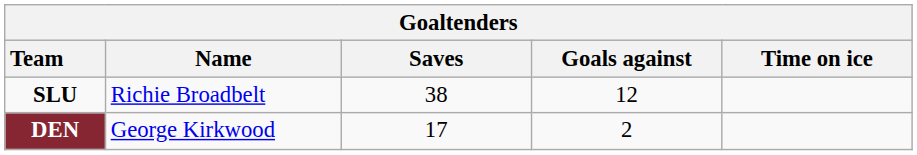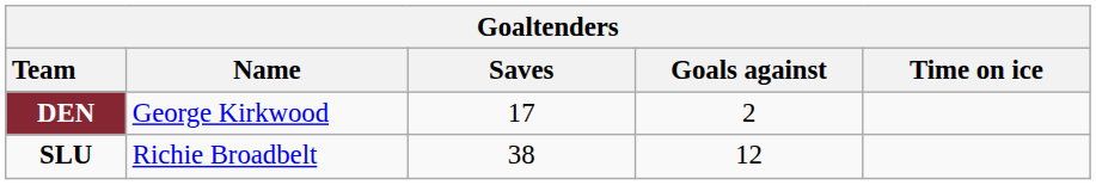 <table class="wikitable" style="width:40em; text-align:right;">
 <tr>
 <th colspan=5>Goaltenders</th>
 </tr>
 <tr>
 <th style="width:4em; text-align:left;">Team</th>
 <th style="width:10em;">Name</th>
 <th style="width:8em;">Saves</th>
 <th style="width:8em;">Goals against</th>
 <th style="width:8em;">Time on ice</th>
 </tr>
 <tr>
+<td align=center style="color:white; background:#862633; "><strong>DEN</strong></td>
+<td style="text-align:left;"><a href='#'>George Kirkwood</a></td>
+<td align=center>17</td>
+<td align=center>2</td>
+<td align=center></td>
+</tr>
+<tr>
 <td align=center><strong>SLU</strong></td>
 <td style="text-align:left;"><a href='#'>Richie Broadbelt</a></td>
 <td align=center>38</td>
 <td align=center>12</td>
 <td align=center></td>
 </tr>
-<tr>
-<td align=center style="color:white; background:#862633; "><strong>DEN</strong></td>
-<td style="text-align:left;"><a href='#'>George Kirkwood</a></td>
-<td align=center>17</td>
-<td align=center>2</td>
-<td align=center></td>
-</tr>
 </table>
